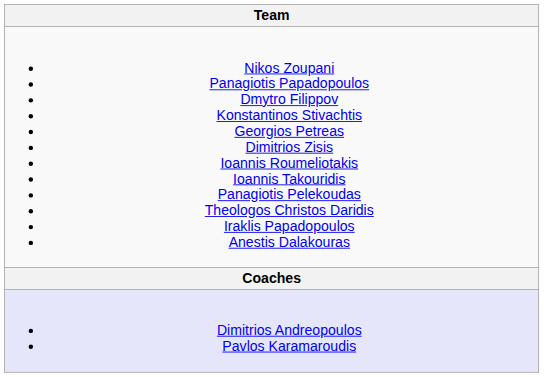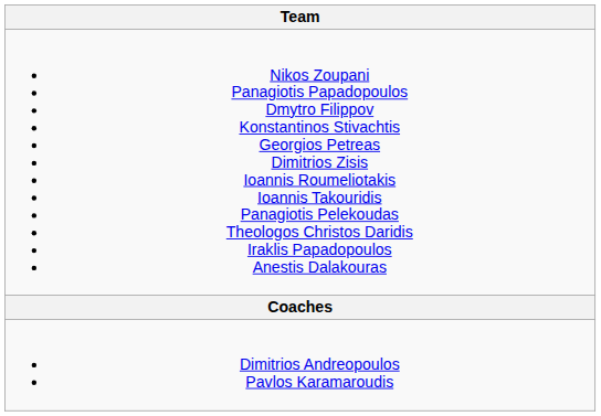 <table class="wikitable" style="text-align: center;">
 <tr>
 <th width=600>Team</th>
 </tr>
 <tr>
 <td><br><ul><li><a href='#'>Nikos Zoupani</a></li><li><a href='#'>Panagiotis Papadopoulos</a></li><li><a href='#'>Dmytro Filippov</a></li><li><a href='#'>Konstantinos Stivachtis</a></li><li><a href='#'>Georgios Petreas</a></li><li><a href='#'>Dimitrios Zisis</a></li><li><a href='#'>Ioannis Roumeliotakis</a></li><li><a href='#'>Ioannis Takouridis</a></li><li><a href='#'>Panagiotis Pelekoudas</a></li><li><a href='#'>Theologos Christos Daridis</a></li><li><a href='#'>Iraklis Papadopoulos</a></li><li><a href='#'>Anestis Dalakouras</a></li></ul></td>
 </tr>
 <tr>
 <th width=600>Coaches</th>
 </tr>
 <tr>
-<td style="background: lavender;"><br><ul><li> <a href='#'>Dimitrios Andreopoulos</a></li><li> <a href='#'>Pavlos Karamaroudis</a></li></ul></td>
+<td><br><ul><li> <a href='#'>Dimitrios Andreopoulos</a></li><li> <a href='#'>Pavlos Karamaroudis</a></li></ul></td>
 </tr>
 </table>
